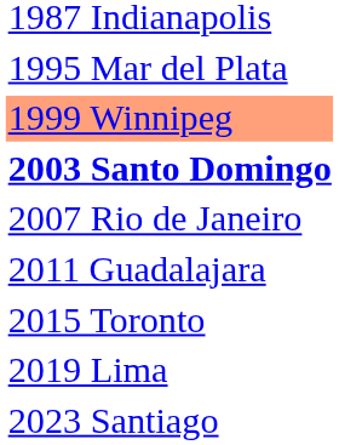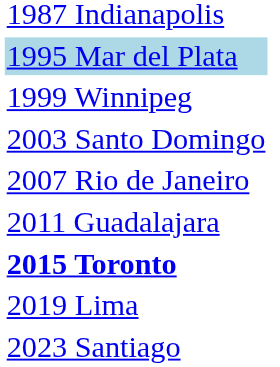 <table>
 <tr valign="top">
 <td><a href='#'>1987 Indianapolis</a><br></td>
 <td></td>
 <td></td>
 <td></td>
 </tr>
 <tr valign="top">
-<td><a href='#'>1995 Mar del Plata</a><br></td>
+<td style="background: lightblue;"><a href='#'>1995 Mar del Plata</a><br></td>
 <td></td>
 <td></td>
 <td></td>
 </tr>
 <tr valign="top">
-<td style="background: lightsalmon;"><a href='#'>1999 Winnipeg</a><br></td>
+<td><a href='#'>1999 Winnipeg</a><br></td>
 <td></td>
 <td></td>
 <td></td>
 </tr>
 <tr valign="top">
-<td><strong><a href='#'>2003 Santo Domingo</a><br></strong></td>
+<td><a href='#'>2003 Santo Domingo</a><br></td>
 <td></td>
 <td></td>
 <td></td>
 </tr>
 <tr valign="top">
 <td><a href='#'>2007 Rio de Janeiro</a><br></td>
 <td></td>
 <td></td>
 <td></td>
 </tr>
 <tr valign="top">
 <td><a href='#'>2011 Guadalajara</a><br></td>
 <td></td>
 <td></td>
 <td></td>
 </tr>
 <tr valign="top">
-<td><a href='#'>2015 Toronto</a><br></td>
+<td><strong><a href='#'>2015 Toronto</a><br></strong></td>
 <td></td>
 <td></td>
 <td></td>
 </tr>
 <tr valign="top">
 <td><a href='#'>2019 Lima</a><br></td>
 <td></td>
 <td></td>
 <td></td>
 </tr>
 <tr valign="top">
 <td><a href='#'>2023 Santiago</a><br></td>
 <td></td>
 <td></td>
 <td></td>
 </tr>
 </table>
